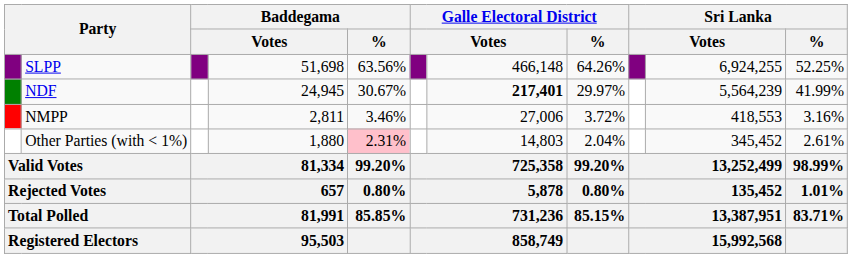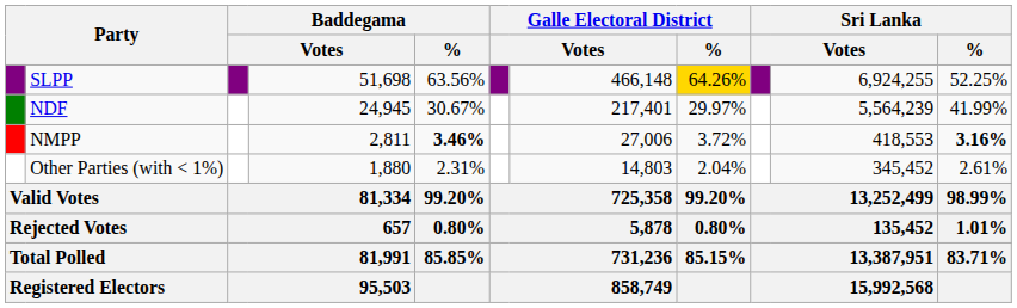 <table class="wikitable">
 <tr>
 <th colspan="2" width="144px"rowspan="2">Party</th>
 <th colspan="3" width="216px">Baddegama</th>
 <th colspan="3" width="216px"><a href='#'>Galle Electoral District</a></th>
 <th colspan="3" width="216px">Sri Lanka</th>
 </tr>
 <tr>
 <th colspan="2" width="144px">Votes</th>
 <th>%</th>
 <th colspan="2" width="144px">Votes</th>
 <th>%</th>
 <th colspan="2" width="144px">Votes</th>
 <th>%</th>
 </tr>
 <tr>
 <td style="background-color:purple;" width="10px"></td>
 <td style="text-align:left;"><a href='#'>SLPP</a></td>
 <td style="background-color:purple;" width="10px"></td>
 <td style="text-align:right;">51,698</td>
 <td style="text-align:right;">63.56%</td>
 <td style="background-color:purple;" width="10px"></td>
 <td style="text-align:right;">466,148</td>
-<td style="text-align:right;">64.26%</td>
+<td style="background: gold; text-align:right;">64.26%</td>
 <td style="background-color:purple;" width="10px"></td>
 <td style="text-align:right;">6,924,255</td>
 <td style="text-align:right;">52.25%</td>
 </tr>
 <tr>
 <td style="background-color:green;" width="10px"></td>
 <td style="text-align:left;"><a href='#'>NDF</a></td>
 <td style="background-color:white;" width="10px"></td>
 <td style="text-align:right;">24,945</td>
 <td style="text-align:right;">30.67%</td>
 <td style="background-color:white;" width="10px"></td>
-<td style="text-align:right;"><strong>217,401</strong></td>
+<td style="text-align:right;">217,401</td>
 <td style="text-align:right;">29.97%</td>
 <td style="background-color:white;" width="10px"></td>
 <td style="text-align:right;">5,564,239</td>
 <td style="text-align:right;">41.99%</td>
 </tr>
 <tr>
 <td style="background-color:red;" width="10px"></td>
 <td style="text-align:left;">NMPP</td>
 <td style="background-color:white;" width="10px"></td>
 <td style="text-align:right;">2,811</td>
-<td style="text-align:right;">3.46%</td>
+<td style="text-align:right;"><strong>3.46%</strong></td>
 <td style="background-color:white;" width="10px"></td>
 <td style="text-align:right;">27,006</td>
 <td style="text-align:right;">3.72%</td>
 <td style="background-color:white;" width="10px"></td>
 <td style="text-align:right;">418,553</td>
-<td style="text-align:right;">3.16%</td>
+<td style="text-align:right;"><strong>3.16%</strong></td>
 </tr>
 <tr>
 <td style="background-color:white;" width="10px"></td>
 <td style="text-align:left;">Other Parties (with < 1%)</td>
 <td style="background-color:white;" width="10px"></td>
 <td style="text-align:right;">1,880</td>
-<td style="background: pink; text-align:right;">2.31%</td>
+<td style="text-align:right;">2.31%</td>
 <td style="background-color:white;" width="10px"></td>
 <td style="text-align:right;">14,803</td>
 <td style="text-align:right;">2.04%</td>
 <td style="background-color:white;" width="10px"></td>
 <td style="text-align:right;">345,452</td>
 <td style="text-align:right;">2.61%</td>
 </tr>
 <tr>
 <th colspan="2" width="144px"style="text-align:left;">Valid Votes</th>
 <th style="text-align:right;"colspan="2" width="144px">81,334</th>
 <th style="text-align:right;">99.20%</th>
 <th style="text-align:right;"colspan="2" width="144px">725,358</th>
 <th style="text-align:right;">99.20%</th>
 <th style="text-align:right;"colspan="2" width="144px">13,252,499</th>
 <th style="text-align:right;">98.99%</th>
 </tr>
 <tr>
 <th colspan="2" width="144px"style="text-align:left;">Rejected Votes</th>
 <th style="text-align:right;"colspan="2" width="144px">657</th>
 <th style="text-align:right;">0.80%</th>
 <th style="text-align:right;"colspan="2" width="144px">5,878</th>
 <th style="text-align:right;">0.80%</th>
 <th style="text-align:right;"colspan="2" width="144px">135,452</th>
 <th style="text-align:right;">1.01%</th>
 </tr>
 <tr>
 <th colspan="2" width="144px"style="text-align:left;">Total Polled</th>
 <th style="text-align:right;"colspan="2" width="144px">81,991</th>
 <th style="text-align:right;">85.85%</th>
 <th style="text-align:right;"colspan="2" width="144px">731,236</th>
 <th style="text-align:right;">85.15%</th>
 <th style="text-align:right;"colspan="2" width="144px">13,387,951</th>
 <th style="text-align:right;">83.71%</th>
 </tr>
 <tr>
 <th colspan="2" width="144px"style="text-align:left;">Registered Electors</th>
 <th style="text-align:right;"colspan="2" width="144px">95,503</th>
 <th></th>
 <th style="text-align:right;"colspan="2" width="144px">858,749</th>
 <th></th>
 <th style="text-align:right;"colspan="2" width="144px">15,992,568</th>
 <th></th>
 </tr>
 </table>
